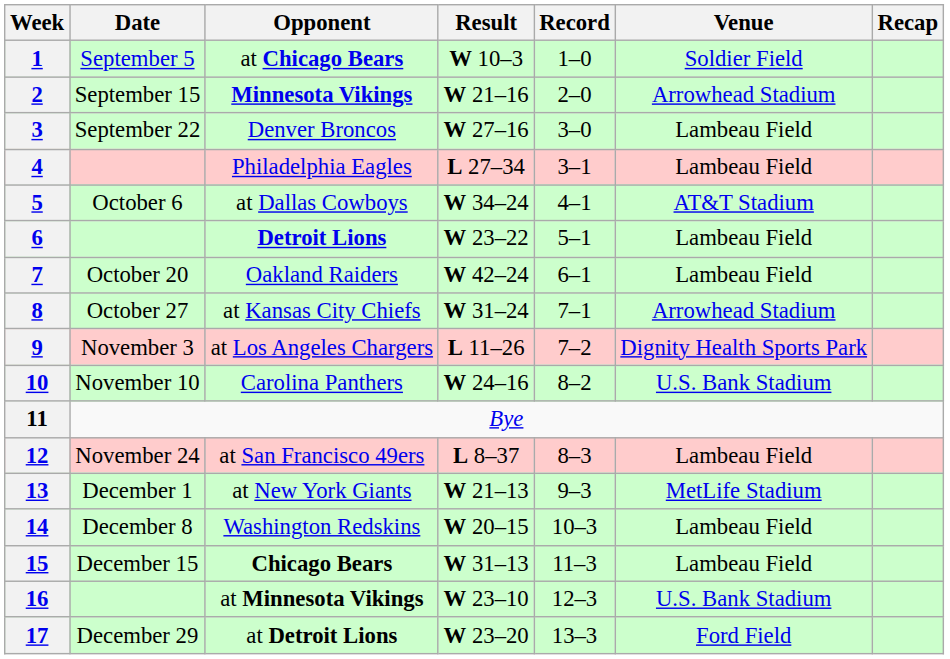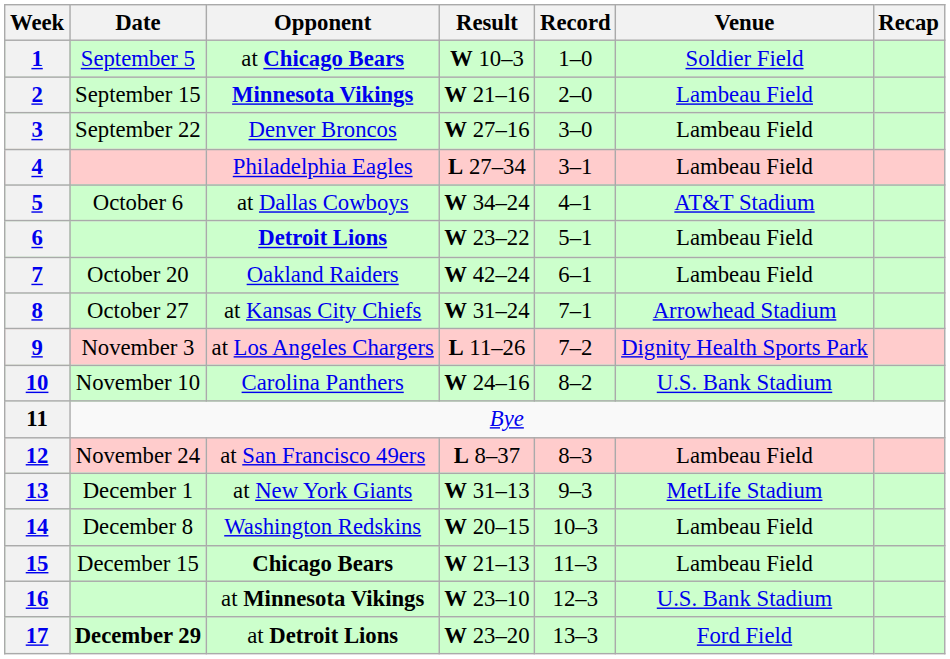 <table class="wikitable" style="text-align:center">
 <tr>
 <th>Week</th>
 <th>Date</th>
 <th>Opponent</th>
 <th>Result</th>
 <th>Record</th>
 <th>Venue</th>
 <th>Recap</th>
 </tr>
 <tr style="background:#cfc">
 <th><a href='#'>1</a></th>
 <td><a href='#'>September 5</a></td>
 <td>at <strong><a href='#'>Chicago Bears</a></strong></td>
 <td><strong>W</strong> 10–3</td>
 <td>1–0</td>
 <td><a href='#'>Soldier Field</a></td>
 <td></td>
 </tr>
 <tr style="background:#cfc">
 <th><a href='#'>2</a></th>
 <td>September 15</td>
 <td><strong><a href='#'>Minnesota Vikings</a></strong></td>
 <td><strong>W</strong> 21–16</td>
 <td>2–0</td>
-<td><a href='#'>Arrowhead Stadium</a></td>
+<td><a href='#'>Lambeau Field</a></td>
 <td></td>
 </tr>
 <tr style="background:#cfc">
 <th><a href='#'>3</a></th>
 <td>September 22</td>
 <td><a href='#'>Denver Broncos</a></td>
 <td><strong>W</strong> 27–16</td>
 <td>3–0</td>
 <td>Lambeau Field</td>
 <td></td>
 </tr>
 <tr style="background:#fcc">
 <th><a href='#'>4</a></th>
 <td></td>
 <td><a href='#'>Philadelphia Eagles</a></td>
 <td><strong>L</strong> 27–34</td>
 <td>3–1</td>
 <td>Lambeau Field</td>
 <td></td>
 </tr>
 <tr style="background:#cfc">
 <th><a href='#'>5</a></th>
 <td>October 6</td>
 <td>at <a href='#'>Dallas Cowboys</a></td>
 <td><strong>W</strong> 34–24</td>
 <td>4–1</td>
 <td><a href='#'>AT&T Stadium</a></td>
 <td></td>
 </tr>
 <tr style="background:#cfc">
 <th><a href='#'>6</a></th>
 <td></td>
 <td><strong><a href='#'>Detroit Lions</a></strong></td>
 <td><strong>W</strong> 23–22</td>
 <td>5–1</td>
 <td>Lambeau Field</td>
 <td></td>
 </tr>
 <tr style="background:#cfc">
 <th><a href='#'>7</a></th>
 <td>October 20</td>
 <td><a href='#'>Oakland Raiders</a></td>
 <td><strong>W</strong> 42–24</td>
 <td>6–1</td>
 <td>Lambeau Field</td>
 <td></td>
 </tr>
 <tr style="background:#cfc">
 <th><a href='#'>8</a></th>
 <td>October 27</td>
 <td>at <a href='#'>Kansas City Chiefs</a></td>
 <td><strong>W</strong> 31–24</td>
 <td>7–1</td>
 <td><a href='#'>Arrowhead Stadium</a></td>
 <td></td>
 </tr>
 <tr style="background:#fcc">
 <th><a href='#'>9</a></th>
 <td>November 3</td>
 <td>at <a href='#'>Los Angeles Chargers</a></td>
 <td><strong>L</strong> 11–26</td>
 <td>7–2</td>
 <td><a href='#'>Dignity Health Sports Park</a></td>
 <td></td>
 </tr>
 <tr style="background:#cfc">
 <th><a href='#'>10</a></th>
 <td>November 10</td>
 <td><a href='#'>Carolina Panthers</a></td>
 <td><strong>W</strong> 24–16</td>
 <td>8–2</td>
 <td><a href='#'>U.S. Bank Stadium</a></td>
 <td></td>
 </tr>
 <tr>
 <th>11</th>
 <td colspan="6"><em><a href='#'>Bye</a></em></td>
 </tr>
 <tr style="background:#fcc">
 <th><a href='#'>12</a></th>
 <td>November 24</td>
 <td>at <a href='#'>San Francisco 49ers</a></td>
 <td><strong>L</strong> 8–37</td>
 <td>8–3</td>
 <td>Lambeau Field</td>
 <td></td>
 </tr>
 <tr style="background:#cfc">
 <th><a href='#'>13</a></th>
 <td>December 1</td>
 <td>at <a href='#'>New York Giants</a></td>
-<td><strong>W</strong> 21–13</td>
+<td><strong>W</strong> 31–13</td>
 <td>9–3</td>
 <td><a href='#'>MetLife Stadium</a></td>
 <td></td>
 </tr>
 <tr style="background:#cfc">
 <th><a href='#'>14</a></th>
 <td>December 8</td>
 <td><a href='#'>Washington Redskins</a></td>
 <td><strong>W</strong> 20–15</td>
 <td>10–3</td>
 <td>Lambeau Field</td>
 <td></td>
 </tr>
 <tr style="background:#cfc">
 <th><a href='#'>15</a></th>
 <td>December 15</td>
 <td><strong>Chicago Bears</strong></td>
-<td><strong>W</strong> 31–13</td>
+<td><strong>W</strong> 21–13</td>
 <td>11–3</td>
 <td>Lambeau Field</td>
 <td></td>
 </tr>
 <tr style="background:#cfc">
 <th><a href='#'>16</a></th>
 <td></td>
 <td>at <strong>Minnesota Vikings</strong></td>
 <td><strong>W</strong> 23–10</td>
 <td>12–3</td>
 <td><a href='#'>U.S. Bank Stadium</a></td>
 <td></td>
 </tr>
 <tr style="background:#cfc">
 <th><a href='#'>17</a></th>
-<td>December 29</td>
+<td><strong>December 29</strong></td>
 <td>at <strong>Detroit Lions</strong></td>
 <td><strong>W</strong> 23–20</td>
 <td>13–3</td>
 <td><a href='#'>Ford Field</a></td>
 <td></td>
 </tr>
 </table>
